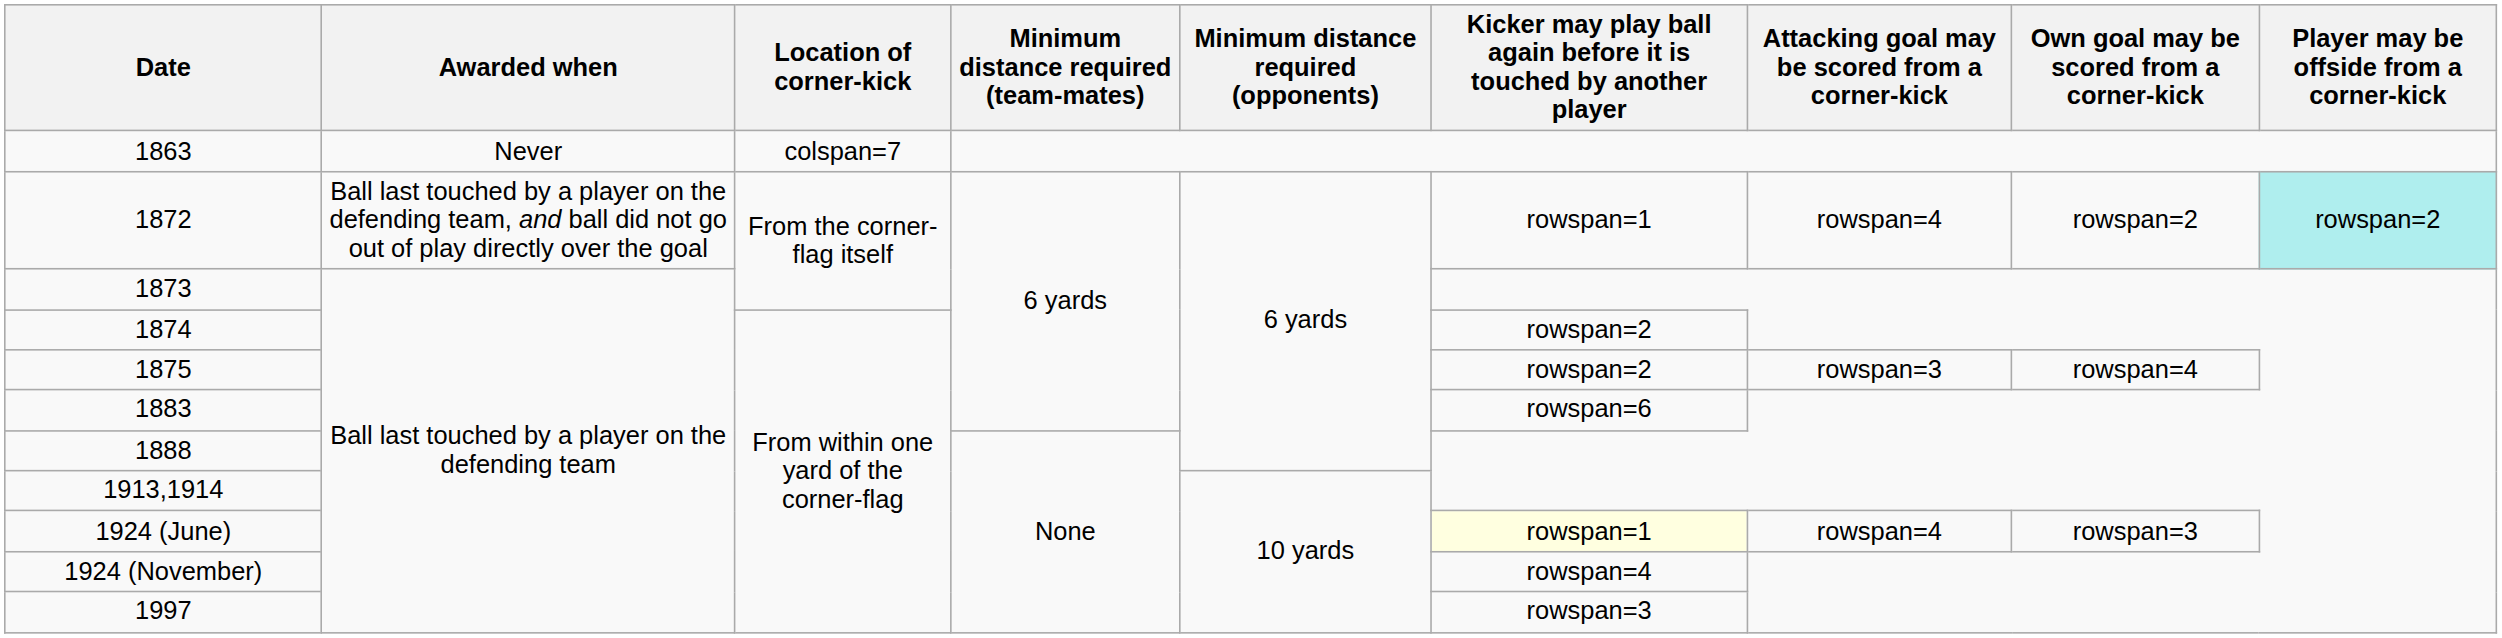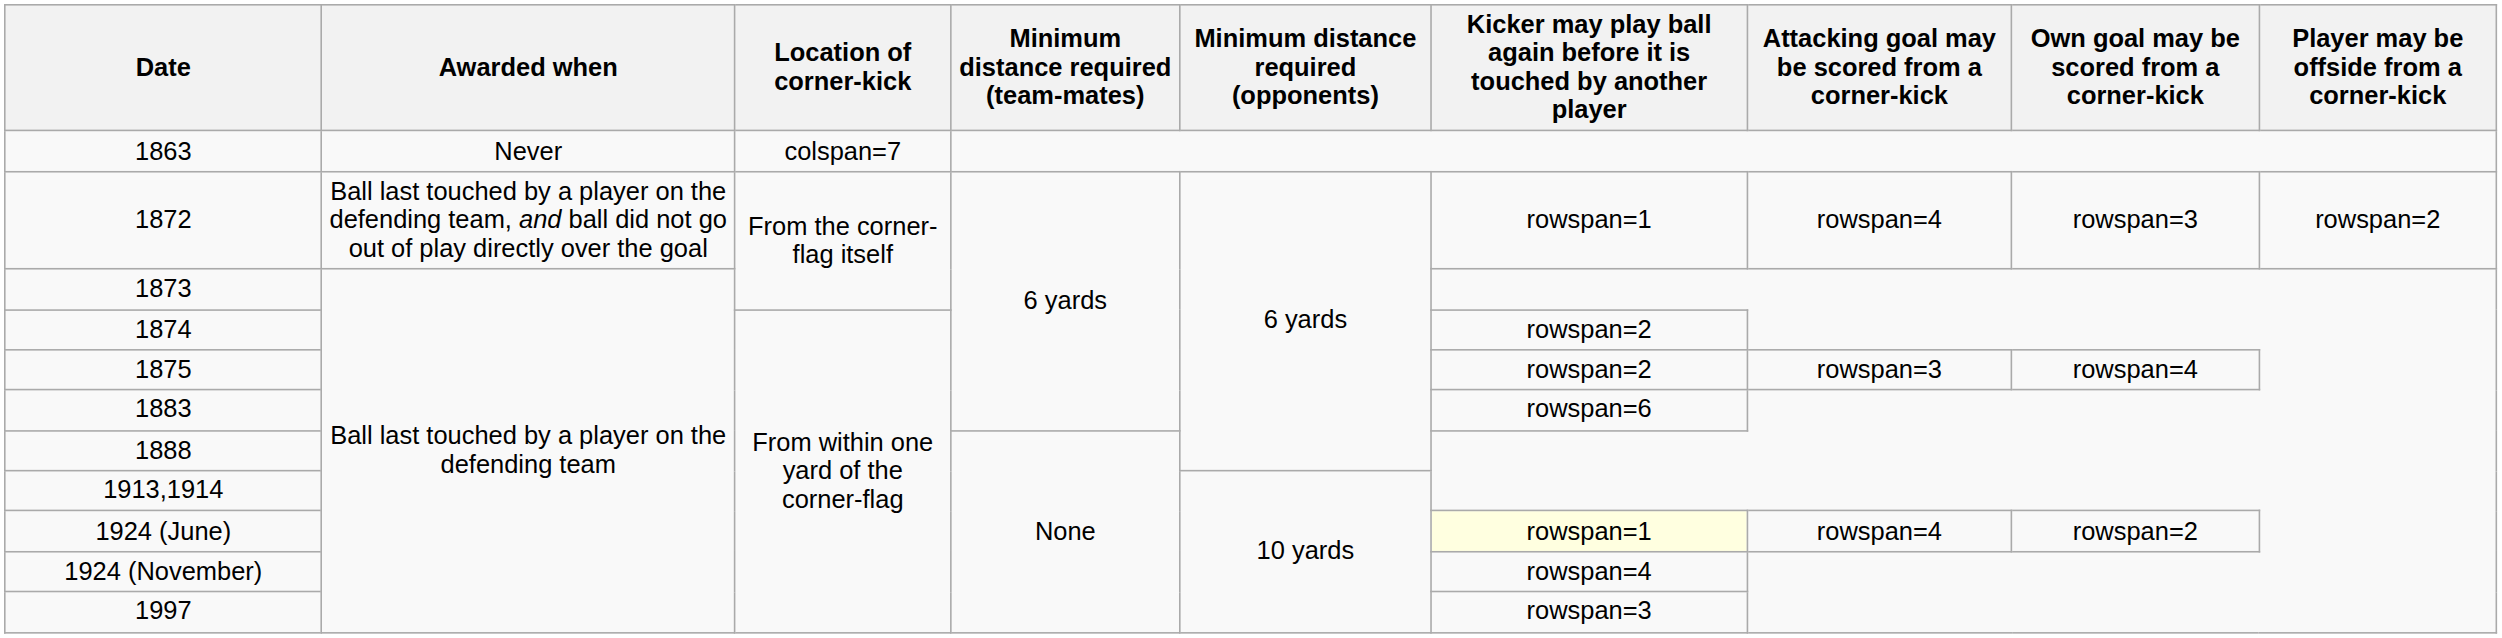 <table class="wikitable sortable" style="text-align:center;width:auto;table-layout:fixed">
 <tr>
 <th style="width: 12em">Date</th>
 <th>Awarded when</th>
 <th>Location of corner-kick</th>
 <th>Minimum distance required (team-mates)</th>
 <th>Minimum distance required (opponents)</th>
 <th>Kicker may play ball again before it is touched by another player</th>
 <th>Attacking goal may be scored from a corner-kick</th>
 <th>Own goal may be scored from a corner-kick</th>
 <th>Player may be offside from a corner-kick</th>
 </tr>
 <tr>
 <td>1863</td>
 <td>Never</td>
 <td>colspan=7 </td>
 </tr>
 <tr>
 <td>1872</td>
 <td rowspan=1>Ball last touched by a player on the defending team, <em>and</em> ball did not go out of play directly over the goal</td>
 <td rowspan=2>From the corner-flag itself</td>
 <td rowspan=5>6 yards</td>
 <td rowspan=6>6 yards</td>
 <td>rowspan=1 </td>
 <td>rowspan=4 </td>
+<td>rowspan=3 </td>
 <td>rowspan=2 </td>
-<td style="background: paleturquoise;">rowspan=2 </td>
 </tr>
 <tr>
 <td>1873</td>
 <td rowspan=9>Ball last touched by a player on the defending team</td>
 </tr>
 <tr>
 <td>1874</td>
 <td rowspan=8>From within one yard of the corner-flag</td>
 <td>rowspan=2 </td>
 </tr>
 <tr>
 <td>1875</td>
 <td>rowspan=2 </td>
 <td>rowspan=3 </td>
 <td>rowspan=4 </td>
 </tr>
 <tr>
 <td>1883</td>
 <td>rowspan=6 </td>
 </tr>
 <tr>
 <td>1888</td>
 <td rowspan=5>None</td>
 </tr>
 <tr>
 <td>1913,1914</td>
 <td rowspan=4>10 yards</td>
 </tr>
 <tr>
 <td>1924 (June)</td>
 <td style="background: lightyellow;">rowspan=1 </td>
 <td>rowspan=4 </td>
-<td>rowspan=3 </td>
+<td>rowspan=2 </td>
 </tr>
 <tr>
 <td>1924 (November)</td>
 <td>rowspan=4 </td>
 </tr>
 <tr>
 <td>1997</td>
 <td>rowspan=3 </td>
 </tr>
 </table>
